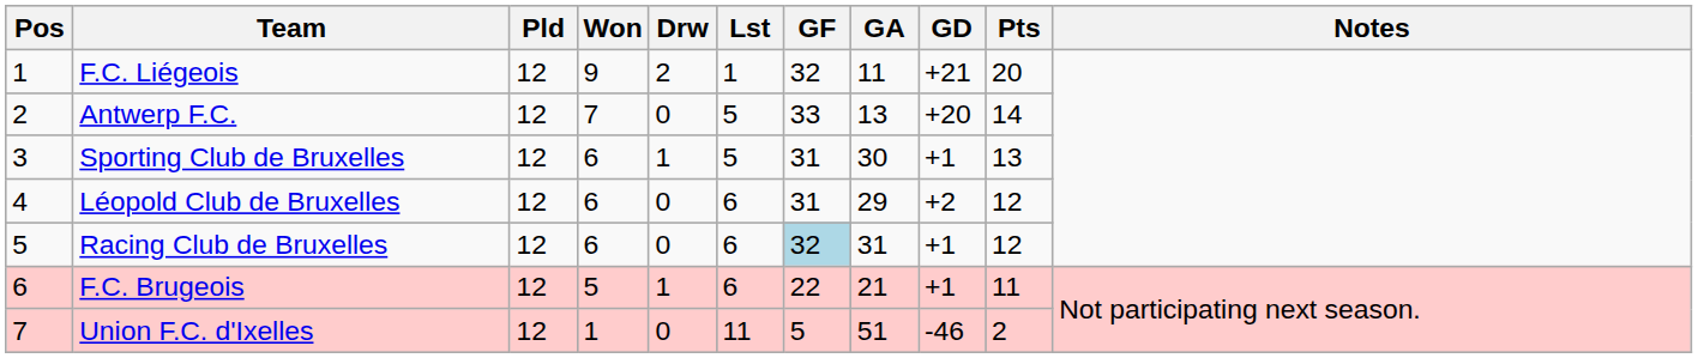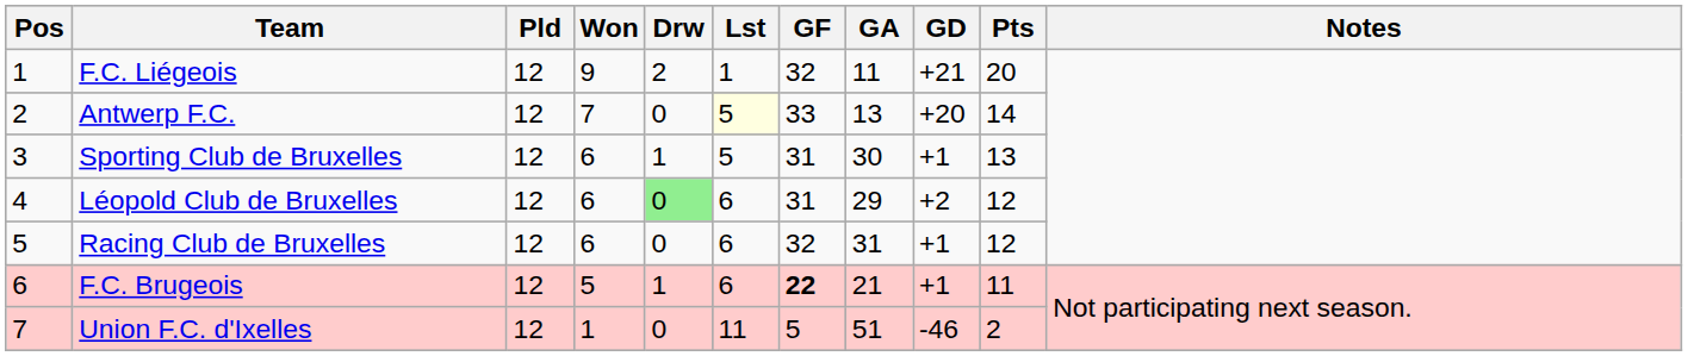 <table class="wikitable" width=70% style="font-size:90%">
 <tr>
 <th width=4%><strong>Pos</strong></th>
 <th width=26%><strong>Team</strong></th>
 <th width=4%><strong>Pld</strong></th>
 <th width=4%><strong>Won</strong></th>
 <th width=4%><strong>Drw</strong></th>
 <th width=4%><strong>Lst</strong></th>
 <th width=4%><strong>GF</strong></th>
 <th width=4%><strong>GA</strong></th>
 <th width=4%><strong>GD</strong></th>
 <th width=4%><strong>Pts</strong></th>
 <th width=38%><strong>Notes</strong></th>
 </tr>
 <tr>
 <td>1</td>
 <td><a href='#'>F.C. Liégeois</a></td>
 <td>12</td>
 <td>9</td>
 <td>2</td>
 <td>1</td>
 <td>32</td>
 <td>11</td>
 <td>+21</td>
 <td>20</td>
 </tr>
 <tr>
 <td>2</td>
 <td><a href='#'>Antwerp F.C.</a></td>
 <td>12</td>
 <td>7</td>
 <td>0</td>
-<td>5</td>
+<td style="background: lightyellow;">5</td>
 <td>33</td>
 <td>13</td>
 <td>+20</td>
 <td>14</td>
 </tr>
 <tr>
 <td>3</td>
 <td><a href='#'>Sporting Club de Bruxelles</a></td>
 <td>12</td>
 <td>6</td>
 <td>1</td>
 <td>5</td>
 <td>31</td>
 <td>30</td>
 <td>+1</td>
 <td>13</td>
 </tr>
 <tr>
 <td>4</td>
 <td><a href='#'>Léopold Club de Bruxelles</a></td>
 <td>12</td>
 <td>6</td>
-<td>0</td>
+<td style="background: lightgreen;">0</td>
 <td>6</td>
 <td>31</td>
 <td>29</td>
 <td>+2</td>
 <td>12</td>
 </tr>
 <tr>
 <td>5</td>
 <td><a href='#'>Racing Club de Bruxelles</a></td>
 <td>12</td>
 <td>6</td>
 <td>0</td>
 <td>6</td>
-<td style="background: lightblue;">32</td>
+<td>32</td>
 <td>31</td>
 <td>+1</td>
 <td>12</td>
 </tr>
 <tr style="background:#ffcccc;">
 <td>6</td>
 <td><a href='#'>F.C. Brugeois</a></td>
 <td>12</td>
 <td>5</td>
 <td>1</td>
 <td>6</td>
-<td>22</td>
+<td><strong>22</strong></td>
 <td>21</td>
 <td>+1</td>
 <td>11</td>
 <td rowspan=2>Not participating next season.</td>
 </tr>
 <tr style="background:#ffcccc;">
 <td>7</td>
 <td><a href='#'>Union F.C. d'Ixelles</a></td>
 <td>12</td>
 <td>1</td>
 <td>0</td>
 <td>11</td>
 <td>5</td>
 <td>51</td>
 <td>-46</td>
 <td>2</td>
 </tr>
 </table>
